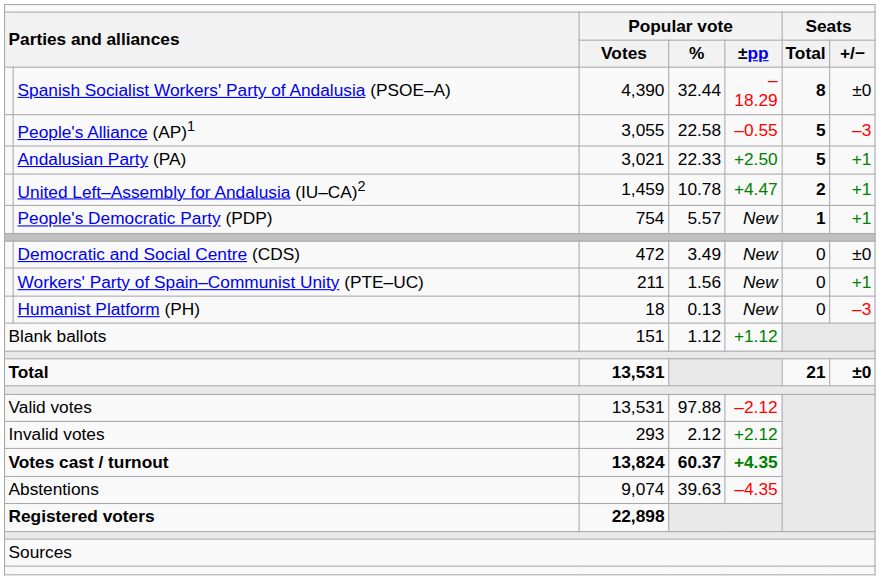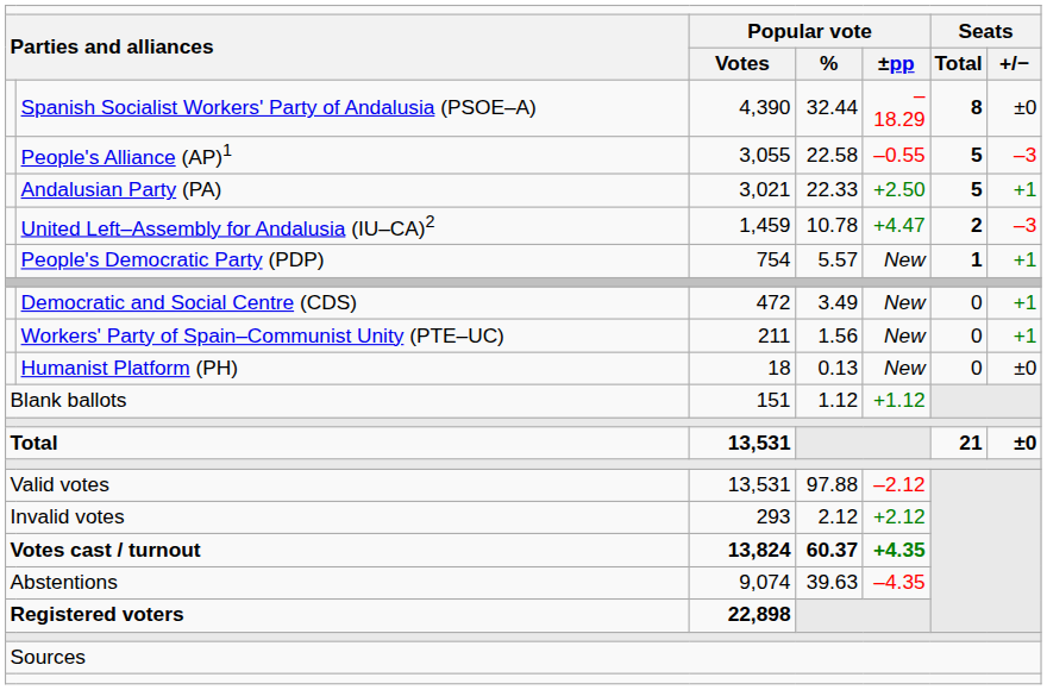 <table class="wikitable" style="text-align:right;">
 <tr>
 <td colspan="7"></td>
 </tr>
 <tr>
 <th style="text-align:left;" rowspan="2" colspan="2" width="525">Parties and alliances</th>
 <th colspan="3">Popular vote</th>
 <th colspan="2">Seats</th>
 </tr>
 <tr>
 <th width="75">Votes</th>
 <th width="45">%</th>
 <th width="45">±<a href='#'>pp</a></th>
 <th width="35">Total</th>
 <th width="35">+/−</th>
 </tr>
 <tr>
 <td width="1" style="color:inherit;background:"></td>
 <td align="left"><a href='#'>Spanish Socialist Workers' Party of Andalusia</a> (PSOE–A)</td>
 <td>4,390</td>
 <td>32.44</td>
 <td style="color:red;">–18.29</td>
 <td><strong>8</strong></td>
 <td>±0</td>
 </tr>
 <tr>
 <td style="color:inherit;background:"></td>
 <td align="left"><a href='#'>People's Alliance</a> (AP)<sup>1</sup></td>
 <td>3,055</td>
 <td>22.58</td>
 <td style="color:red;">–0.55</td>
 <td><strong>5</strong></td>
 <td style="color:red;">–3</td>
 </tr>
 <tr>
 <td style="color:inherit;background:"></td>
 <td align="left"><a href='#'>Andalusian Party</a> (PA)</td>
 <td>3,021</td>
 <td>22.33</td>
 <td style="color:green;">+2.50</td>
 <td><strong>5</strong></td>
 <td style="color:green;">+1</td>
 </tr>
 <tr>
 <td style="color:inherit;background:"></td>
 <td align="left"><a href='#'>United Left–Assembly for Andalusia</a> (IU–CA)<sup>2</sup></td>
 <td>1,459</td>
 <td>10.78</td>
 <td style="color:green;">+4.47</td>
 <td><strong>2</strong></td>
-<td style="color:green;">+1</td>
+<td style="color:red;">–3</td>
 </tr>
 <tr>
 <td style="color:inherit;background:"></td>
 <td align="left"><a href='#'>People's Democratic Party</a> (PDP)</td>
 <td>754</td>
 <td>5.57</td>
 <td><em>New</em></td>
 <td><strong>1</strong></td>
 <td style="color:green;">+1</td>
 </tr>
 <tr>
 <td colspan="7" bgcolor="#C0C0C0"></td>
 </tr>
 <tr>
 <td style="color:inherit;background:"></td>
 <td align="left"><a href='#'>Democratic and Social Centre</a> (CDS)</td>
 <td>472</td>
 <td>3.49</td>
 <td><em>New</em></td>
 <td>0</td>
-<td>±0</td>
+<td style="color:green;">+1</td>
 </tr>
 <tr>
 <td style="color:inherit;background:"></td>
 <td align="left"><a href='#'>Workers' Party of Spain–Communist Unity</a> (PTE–UC)</td>
 <td>211</td>
 <td>1.56</td>
 <td><em>New</em></td>
 <td>0</td>
 <td style="color:green;">+1</td>
 </tr>
 <tr>
 <td style="color:inherit;background:"></td>
 <td align="left"><a href='#'>Humanist Platform</a> (PH)</td>
 <td>18</td>
 <td>0.13</td>
 <td><em>New</em></td>
 <td>0</td>
-<td style="color:red;">–3</td>
+<td>±0</td>
 </tr>
 <tr>
 <td align="left" colspan="2">Blank ballots</td>
 <td>151</td>
 <td>1.12</td>
 <td style="color:green;">+1.12</td>
 <td bgcolor="#E9E9E9" colspan="2"></td>
 </tr>
 <tr>
 <td colspan="7" bgcolor="#E9E9E9"></td>
 </tr>
 <tr style="font-weight:bold;">
 <td align="left" colspan="2">Total</td>
 <td>13,531</td>
 <td bgcolor="#E9E9E9" colspan="2"></td>
 <td>21</td>
 <td>±0</td>
 </tr>
 <tr>
 <td colspan="7" bgcolor="#E9E9E9"></td>
 </tr>
 <tr>
 <td align="left" colspan="2">Valid votes</td>
 <td>13,531</td>
 <td>97.88</td>
 <td style="color:red;">–2.12</td>
 <td bgcolor="#E9E9E9" colspan="2" rowspan="5"></td>
 </tr>
 <tr>
 <td align="left" colspan="2">Invalid votes</td>
 <td>293</td>
 <td>2.12</td>
 <td style="color:green;">+2.12</td>
 </tr>
 <tr style="font-weight:bold;">
 <td align="left" colspan="2">Votes cast / turnout</td>
 <td>13,824</td>
 <td>60.37</td>
 <td style="color:green;">+4.35</td>
 </tr>
 <tr>
 <td align="left" colspan="2">Abstentions</td>
 <td>9,074</td>
 <td>39.63</td>
 <td style="color:red;">–4.35</td>
 </tr>
 <tr style="font-weight:bold;">
 <td align="left" colspan="2">Registered voters</td>
 <td>22,898</td>
 <td bgcolor="#E9E9E9" colspan="2"></td>
 </tr>
 <tr>
 <td colspan="7" bgcolor="#E9E9E9"></td>
 </tr>
 <tr>
 <td align="left" colspan="7">Sources</td>
 </tr>
 <tr>
 <td colspan="7" style="text-align:left; max-width:790px;"></td>
 </tr>
 </table>
